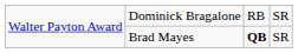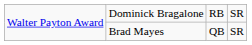 <table class="wikitable">
 <tr>
 <td rowspan=2><a href='#'>Walter Payton Award</a></td>
 <td>Dominick Bragalone</td>
 <td>RB</td>
 <td>SR</td>
 </tr>
 <tr>
 <td>Brad Mayes</td>
-<td><strong>QB</strong></td>
+<td>QB</td>
 <td>SR</td>
 </tr>
 </table>
